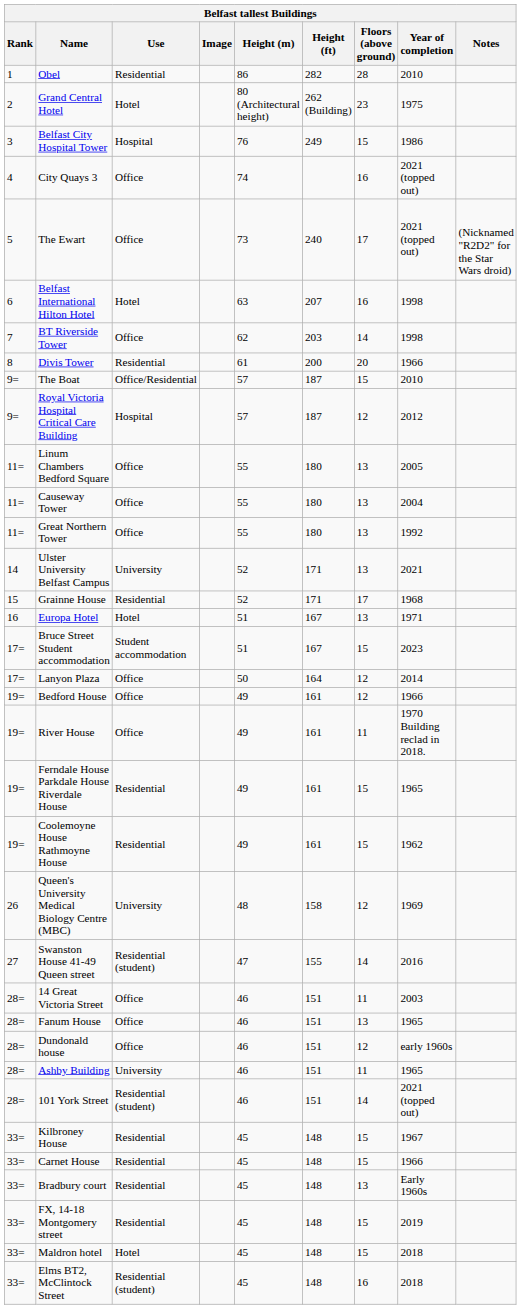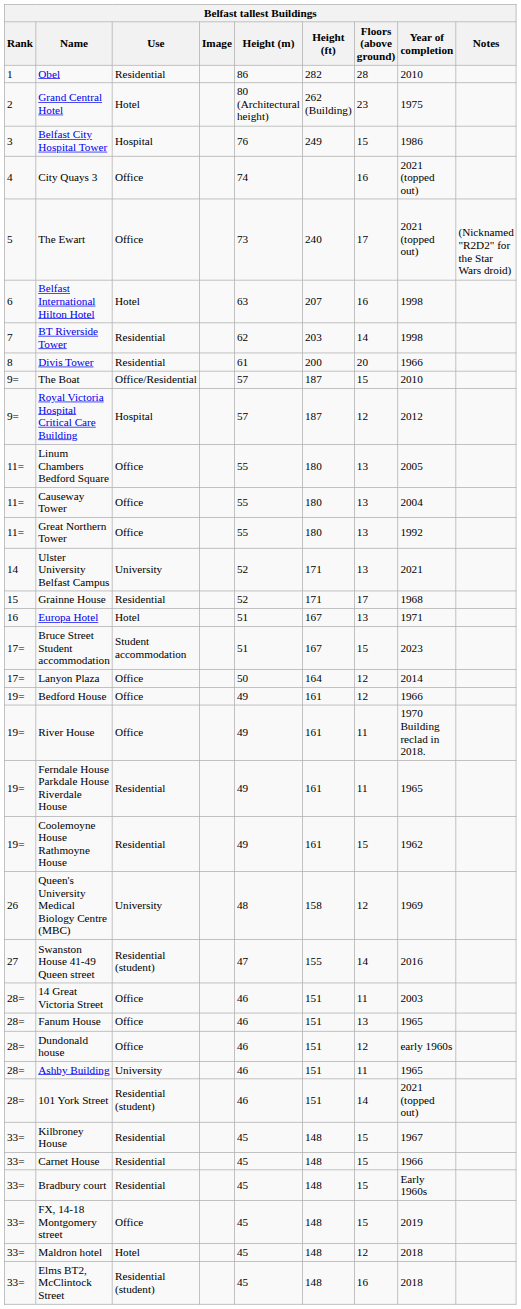 <table class="wikitable">
 <tr>
 <th colspan="9">Belfast tallest Buildings</th>
 </tr>
 <tr>
 <th>Rank</th>
 <th>Name</th>
 <th>Use</th>
 <th>Image</th>
 <th>Height (m)</th>
 <th>Height (ft)</th>
 <th>Floors<br>(above ground)</th>
 <th>Year of completion</th>
 <th>Notes</th>
 </tr>
 <tr>
 <td>1</td>
 <td><a href='#'>Obel</a></td>
 <td>Residential</td>
 <td></td>
 <td>86</td>
 <td>282</td>
 <td>28</td>
 <td>2010</td>
 <td><br></td>
 </tr>
 <tr>
 <td>2</td>
 <td><a href='#'>Grand Central Hotel</a></td>
 <td>Hotel</td>
 <td></td>
 <td>80 (Architectural height)</td>
 <td>262 (Building)</td>
 <td>23</td>
 <td>1975</td>
 <td><br> </td>
 </tr>
 <tr>
 <td>3</td>
 <td><a href='#'>Belfast City Hospital Tower</a></td>
 <td>Hospital</td>
 <td></td>
 <td>76</td>
 <td>249</td>
 <td>15</td>
 <td>1986</td>
 <td></td>
 </tr>
 <tr>
 <td>4</td>
 <td>City Quays 3</td>
 <td>Office</td>
 <td></td>
 <td>74</td>
 <td></td>
 <td>16</td>
 <td>2021 (topped out)</td>
 <td></td>
 </tr>
 <tr>
 <td>5</td>
 <td>The Ewart</td>
 <td>Office</td>
 <td></td>
 <td>73</td>
 <td>240</td>
 <td>17</td>
 <td>2021 (topped out)</td>
 <td><br><br>(Nicknamed "R2D2" for the Star Wars droid)</td>
 </tr>
 <tr>
 <td>6</td>
 <td><a href='#'>Belfast International Hilton Hotel</a></td>
 <td>Hotel</td>
 <td></td>
 <td>63</td>
 <td>207</td>
 <td>16</td>
 <td>1998</td>
 <td></td>
 </tr>
 <tr>
 <td>7</td>
 <td><a href='#'>BT Riverside Tower</a></td>
-<td>Office</td>
+<td>Residential</td>
 <td></td>
 <td>62</td>
 <td>203</td>
 <td>14</td>
 <td>1998</td>
 <td></td>
 </tr>
 <tr>
 <td>8</td>
 <td><a href='#'>Divis Tower</a></td>
 <td>Residential</td>
 <td></td>
 <td>61</td>
 <td>200</td>
 <td>20</td>
 <td>1966</td>
 <td></td>
 </tr>
 <tr>
 <td>9=</td>
 <td>The Boat</td>
 <td>Office/Residential</td>
 <td></td>
 <td>57</td>
 <td>187</td>
 <td>15</td>
 <td>2010</td>
 <td></td>
 </tr>
 <tr>
 <td>9=</td>
 <td><a href='#'>Royal Victoria Hospital Critical Care Building</a></td>
 <td>Hospital</td>
 <td></td>
 <td>57</td>
 <td>187</td>
 <td>12</td>
 <td>2012</td>
 <td></td>
 </tr>
 <tr>
 <td>11=</td>
 <td>Linum Chambers Bedford Square</td>
 <td>Office</td>
 <td></td>
 <td>55</td>
 <td>180</td>
 <td>13</td>
 <td>2005</td>
 <td></td>
 </tr>
 <tr>
 <td>11=</td>
 <td>Causeway Tower</td>
 <td>Office</td>
 <td></td>
 <td>55</td>
 <td>180</td>
 <td>13</td>
 <td>2004</td>
 <td></td>
 </tr>
 <tr>
 <td>11=</td>
 <td>Great Northern Tower</td>
 <td>Office</td>
 <td></td>
 <td>55</td>
 <td>180</td>
 <td>13</td>
 <td>1992</td>
 <td></td>
 </tr>
 <tr>
 <td>14</td>
 <td>Ulster University Belfast Campus</td>
 <td>University</td>
 <td></td>
 <td>52</td>
 <td>171</td>
 <td>13</td>
 <td>2021</td>
 <td></td>
 </tr>
 <tr>
 <td>15</td>
 <td>Grainne House</td>
 <td>Residential</td>
 <td></td>
 <td>52</td>
 <td>171</td>
 <td>17</td>
 <td>1968</td>
 <td></td>
 </tr>
 <tr>
 <td>16</td>
 <td><a href='#'>Europa Hotel</a></td>
 <td>Hotel</td>
 <td></td>
 <td>51</td>
 <td>167</td>
 <td>13</td>
 <td>1971</td>
 <td></td>
 </tr>
 <tr>
 <td>17=</td>
 <td>Bruce Street Student accommodation</td>
 <td>Student accommodation</td>
 <td></td>
 <td>51</td>
 <td>167</td>
 <td>15</td>
 <td>2023</td>
 <td></td>
 </tr>
 <tr>
 <td>17=</td>
 <td>Lanyon Plaza</td>
 <td>Office</td>
 <td></td>
 <td>50</td>
 <td>164</td>
 <td>12</td>
 <td>2014</td>
 <td></td>
 </tr>
 <tr>
 <td>19=</td>
 <td>Bedford House</td>
 <td>Office</td>
 <td></td>
 <td>49</td>
 <td>161</td>
 <td>12</td>
 <td>1966</td>
 <td></td>
 </tr>
 <tr>
 <td>19=</td>
 <td>River House</td>
 <td>Office</td>
 <td></td>
 <td>49</td>
 <td>161</td>
 <td>11</td>
 <td>1970 Building reclad in 2018.</td>
 <td></td>
 </tr>
 <tr>
 <td>19=</td>
 <td>Ferndale House<br>Parkdale House<br>Riverdale House</td>
 <td>Residential</td>
 <td></td>
 <td>49</td>
 <td>161</td>
-<td>15</td>
+<td>11</td>
 <td>1965</td>
 <td></td>
 </tr>
 <tr>
 <td>19=</td>
 <td>Coolemoyne House<br>Rathmoyne House</td>
 <td>Residential</td>
 <td></td>
 <td>49</td>
 <td>161</td>
 <td>15</td>
 <td>1962</td>
 <td></td>
 </tr>
 <tr>
 <td>26</td>
 <td>Queen's University Medical  Biology Centre<br>(MBC)</td>
 <td>University</td>
 <td></td>
 <td>48</td>
 <td>158</td>
 <td>12</td>
 <td>1969</td>
 <td></td>
 </tr>
 <tr>
 <td>27</td>
 <td>Swanston House 41-49 Queen street</td>
 <td>Residential (student)</td>
 <td></td>
 <td>47</td>
 <td>155</td>
 <td>14</td>
 <td>2016</td>
 <td></td>
 </tr>
 <tr>
 <td>28=</td>
 <td>14 Great Victoria Street</td>
 <td>Office</td>
 <td></td>
 <td>46</td>
 <td>151</td>
 <td>11</td>
 <td>2003</td>
 <td></td>
 </tr>
 <tr>
 <td>28=</td>
 <td>Fanum House</td>
 <td>Office</td>
 <td></td>
 <td>46</td>
 <td>151</td>
 <td>13</td>
 <td>1965</td>
 <td></td>
 </tr>
 <tr>
 <td>28=</td>
 <td>Dundonald house</td>
 <td>Office</td>
 <td></td>
 <td>46</td>
 <td>151</td>
 <td>12</td>
 <td>early 1960s</td>
 <td><br><br></td>
 </tr>
 <tr>
 <td>28=</td>
 <td><a href='#'>Ashby Building</a></td>
 <td>University</td>
 <td></td>
 <td>46</td>
 <td>151</td>
 <td>11</td>
 <td>1965</td>
 <td></td>
 </tr>
 <tr>
 <td>28=</td>
 <td>101 York Street</td>
 <td>Residential (student)</td>
 <td></td>
 <td>46</td>
 <td>151</td>
 <td>14</td>
 <td>2021 (topped out)</td>
 <td></td>
 </tr>
 <tr>
 <td>33=</td>
 <td>Kilbroney House</td>
 <td>Residential</td>
 <td></td>
 <td>45</td>
 <td>148</td>
 <td>15</td>
 <td>1967</td>
 <td></td>
 </tr>
 <tr>
 <td>33=</td>
 <td>Carnet House</td>
 <td>Residential</td>
 <td></td>
 <td>45</td>
 <td>148</td>
 <td>15</td>
 <td>1966</td>
 <td></td>
 </tr>
 <tr>
 <td>33=</td>
 <td>Bradbury court</td>
 <td>Residential</td>
 <td></td>
 <td>45</td>
 <td>148</td>
-<td>13</td>
+<td>15</td>
 <td>Early 1960s</td>
 <td></td>
 </tr>
 <tr>
 <td>33=</td>
 <td>FX, 14-18 Montgomery street</td>
-<td>Residential</td>
+<td>Office</td>
 <td></td>
 <td>45</td>
 <td>148</td>
 <td>15</td>
 <td>2019</td>
 <td></td>
 </tr>
 <tr>
 <td>33=</td>
 <td>Maldron hotel</td>
 <td>Hotel</td>
 <td></td>
 <td>45</td>
 <td>148</td>
-<td>15</td>
+<td>12</td>
 <td>2018</td>
 <td></td>
 </tr>
 <tr>
 <td>33=</td>
 <td>Elms BT2, McClintock Street</td>
 <td>Residential (student)</td>
 <td></td>
 <td>45</td>
 <td>148</td>
 <td>16</td>
 <td>2018</td>
 <td></td>
 </tr>
 </table>
